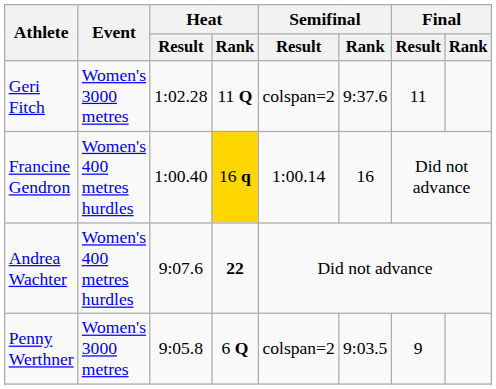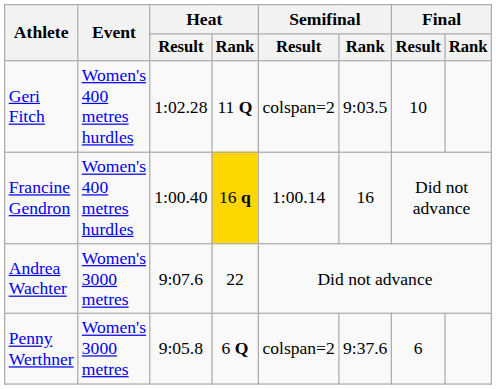 <table class="wikitable" style="font-size:90%; width:40%">
 <tr>
 <th rowspan="2">Athlete</th>
 <th rowspan="2">Event</th>
 <th colspan="2">Heat</th>
 <th colspan="2">Semifinal</th>
 <th colspan="2">Final</th>
 </tr>
 <tr style="font-size:95%">
 <th>Result</th>
 <th>Rank</th>
 <th>Result</th>
 <th>Rank</th>
 <th>Result</th>
 <th>Rank</th>
 </tr>
 <tr align=center>
 <td align=left><a href='#'>Geri Fitch</a></td>
-<td align=left><a href='#'>Women's 3000 metres</a></td>
+<td align=left><a href='#'>Women's 400 metres hurdles</a></td>
 <td>1:02.28</td>
 <td>11 <strong>Q</strong></td>
 <td>colspan=2 </td>
-<td>9:37.6</td>
-<td>11</td>
+<td>9:03.5</td>
+<td>10</td>
 </tr>
 <tr align=center>
 <td align=left><a href='#'>Francine Gendron</a></td>
 <td align=left><a href='#'>Women's 400 metres hurdles</a></td>
 <td>1:00.40</td>
 <td style="background: gold;">16 <strong>q</strong></td>
 <td>1:00.14</td>
 <td>16</td>
 <td colspan=2>Did not advance</td>
 </tr>
 <tr align=center>
 <td align=left><a href='#'>Andrea Wachter</a></td>
-<td align=left><a href='#'>Women's 400 metres hurdles</a></td>
+<td align=left><a href='#'>Women's 3000 metres</a></td>
 <td>9:07.6</td>
-<td><strong>22</strong></td>
+<td>22</td>
 <td colspan=4>Did not advance</td>
 </tr>
 <tr align=center>
 <td align=left><a href='#'>Penny Werthner</a></td>
 <td align=left><a href='#'>Women's 3000 metres</a></td>
 <td>9:05.8</td>
 <td>6 <strong>Q</strong></td>
 <td>colspan=2 </td>
-<td>9:03.5</td>
-<td>9</td>
+<td>9:37.6</td>
+<td>6</td>
 </tr>
 </table>
